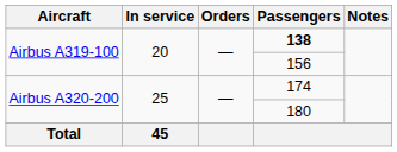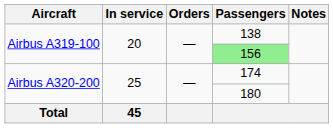 <table class="wikitable" style="text-align:center; margin:1em auto;">
 <tr>
 <th>Aircraft</th>
 <th>In service</th>
 <th>Orders</th>
 <th>Passengers</th>
 <th>Notes</th>
 </tr>
 <tr>
 <td rowspan="2"><a href='#'>Airbus A319-100</a></td>
 <td rowspan="2">20</td>
 <td rowspan="2">—</td>
-<td><strong>138</strong></td>
+<td>138</td>
 <td rowspan="2"></td>
 </tr>
 <tr>
-<td>156</td>
+<td style="background: lightgreen;">156</td>
 </tr>
 <tr>
 <td rowspan="2"><a href='#'>Airbus A320-200</a></td>
 <td rowspan="2">25</td>
 <td rowspan="2">—</td>
 <td>174</td>
 <td rowspan="2"></td>
 </tr>
 <tr>
 <td>180</td>
 </tr>
 <tr>
 <th>Total</th>
 <th>45</th>
 <th></th>
 <th colspan="2"></th>
 </tr>
 </table>
